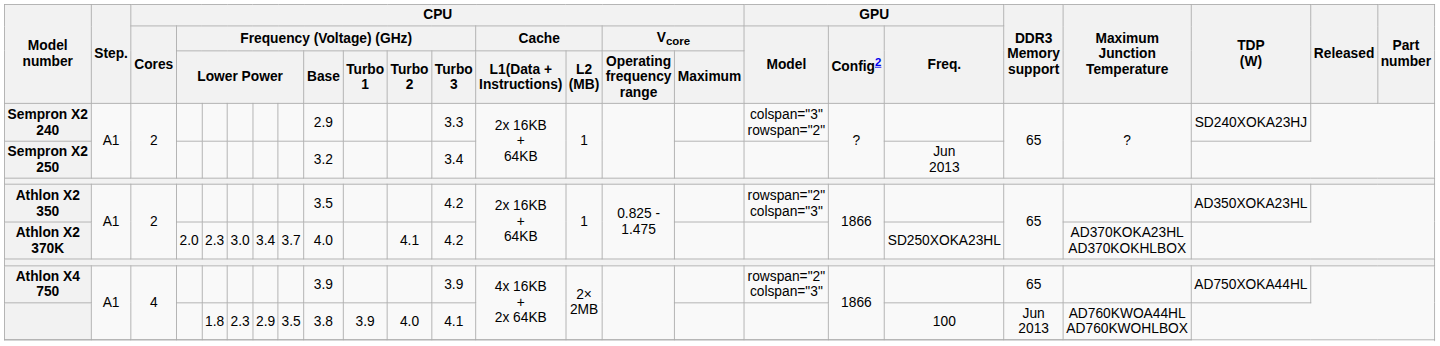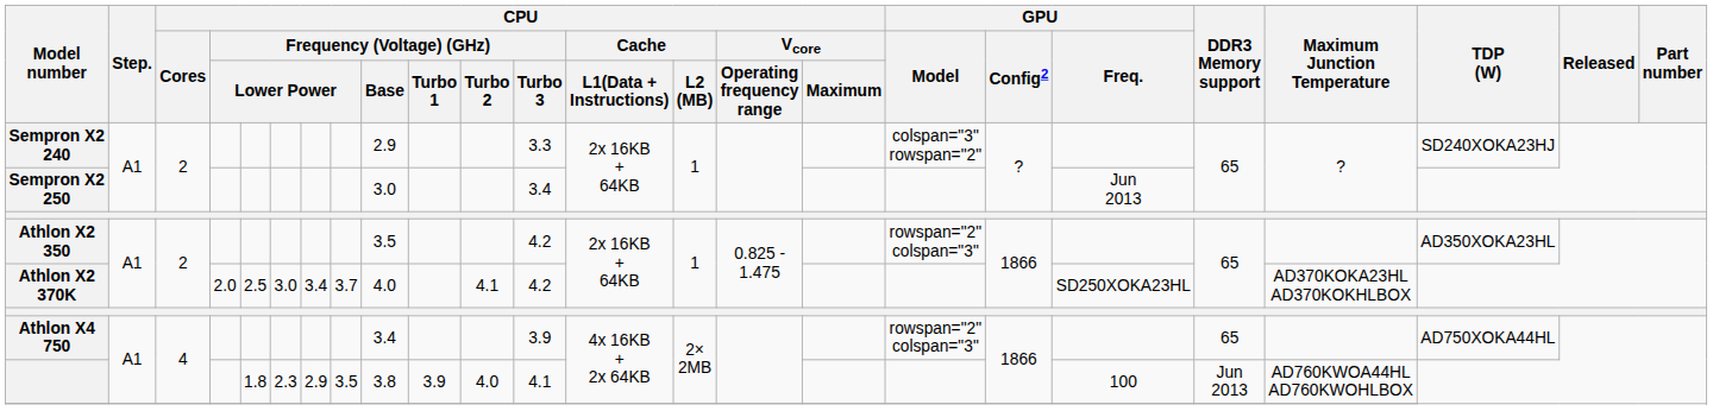 <table class="wikitable" style="text-align:center;">
 <tr>
 <th rowspan="3">Model<br>number</th>
 <th rowspan="3">Step.</th>
 <th colspan="14">CPU</th>
 <th colspan="3">GPU</th>
 <th rowspan="3">DDR3<br>Memory<br>support</th>
 <th rowspan="3">Maximum<br>Junction<br>Temperature</th>
 <th ! rowspan="3">TDP<br>(W)</th>
 <th rowspan="3">Released</th>
 <th rowspan="3">Part number</th>
 </tr>
 <tr>
 <th rowspan="2">Cores</th>
 <th colspan="9">Frequency (Voltage) (GHz)</th>
 <th colspan="2">Cache</th>
 <th colspan="2">V<sub>core</sub></th>
 <th rowspan="2">Model</th>
 <th rowspan="2">Config<sup><a href='#'>2</a></sup></th>
 <th rowspan="2">Freq.</th>
 </tr>
 <tr>
 <th colspan="5">Lower Power</th>
 <th>Base</th>
 <th>Turbo 1</th>
 <th>Turbo 2</th>
 <th>Turbo 3</th>
 <th>L1(Data + Instructions)</th>
 <th>L2<br>(MB)</th>
 <th>Operating frequency range</th>
 <th>Maximum</th>
 </tr>
 <tr>
 <th>Sempron X2 240</th>
 <td rowspan="2">A1</td>
 <td rowspan="2">2</td>
 <td></td>
 <td></td>
 <td></td>
 <td></td>
 <td></td>
 <td>2.9</td>
 <td></td>
 <td></td>
 <td>3.3</td>
 <td rowspan="2">2x 16KB<br>+<br>64KB</td>
 <td rowspan="2">1</td>
 <td rowspan="2"></td>
 <td></td>
 <td>colspan="3" rowspan="2" </td>
 <td rowspan="2">?</td>
 <td></td>
 <td rowspan="2">65</td>
 <td rowspan="2">?</td>
 <td>SD240XOKA23HJ</td>
 </tr>
 <tr>
 <th>Sempron X2 250</th>
 <td></td>
 <td></td>
 <td></td>
 <td></td>
 <td></td>
-<td>3.2</td>
+<td>3.0</td>
 <td></td>
 <td></td>
 <td>3.4</td>
 <td></td>
 <td></td>
 <td>Jun<br>2013</td>
 </tr>
 <tr>
 <th colspan="24"></th>
 </tr>
 <tr>
 <th class="table-rh" >Athlon X2 350</th>
 <td rowspan="2">A1</td>
 <td rowspan="2">2</td>
 <td></td>
 <td></td>
 <td></td>
 <td></td>
 <td></td>
 <td>3.5</td>
 <td></td>
 <td></td>
 <td>4.2</td>
 <td rowspan="2">2x 16KB<br>+<br>64KB</td>
 <td rowspan="2">1</td>
 <td rowspan="2">0.825 - 1.475</td>
 <td></td>
 <td>rowspan="2" colspan="3" </td>
 <td rowspan="2">1866</td>
 <td></td>
 <td rowspan="2">65</td>
 <td></td>
 <td>AD350XOKA23HL</td>
 </tr>
 <tr>
 <th class="table-rh" >Athlon X2 370K</th>
 <td>2.0</td>
-<td>2.3</td>
+<td>2.5</td>
 <td>3.0</td>
 <td>3.4</td>
 <td>3.7</td>
 <td>4.0</td>
 <td></td>
 <td>4.1</td>
 <td>4.2</td>
 <td></td>
 <td></td>
 <td>SD250XOKA23HL</td>
 <td>AD370KOKA23HL<br>AD370KOKHLBOX</td>
 </tr>
 <tr>
 <th colspan="24"></th>
 </tr>
 <tr>
 <th class="table-rh" >Athlon X4 750</th>
 <td rowspan="2">A1</td>
 <td rowspan="2">4</td>
 <td></td>
 <td></td>
 <td></td>
 <td></td>
 <td></td>
-<td>3.9</td>
+<td>3.4</td>
 <td></td>
 <td></td>
 <td>3.9</td>
 <td rowspan="2">4x 16KB<br>+<br>2x 64KB</td>
 <td rowspan="2">2× 2MB</td>
 <td rowspan="2"></td>
 <td></td>
 <td>rowspan="2" colspan="3" </td>
 <td rowspan="2">1866</td>
 <td></td>
 <td>65</td>
 <td></td>
 <td>AD750XOKA44HL</td>
 </tr>
 <tr>
 <th class="table-rh" ></th>
 <td></td>
 <td>1.8</td>
 <td>2.3</td>
 <td>2.9</td>
 <td>3.5</td>
 <td>3.8</td>
 <td>3.9</td>
 <td>4.0</td>
 <td>4.1</td>
 <td></td>
 <td></td>
 <td>100</td>
 <td>Jun<br>2013</td>
 <td>AD760KWOA44HL<br>AD760KWOHLBOX</td>
 </tr>
 <tr>
 </tr>
 </table>
